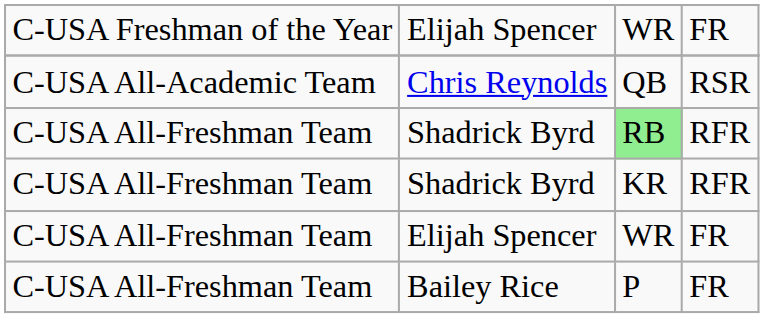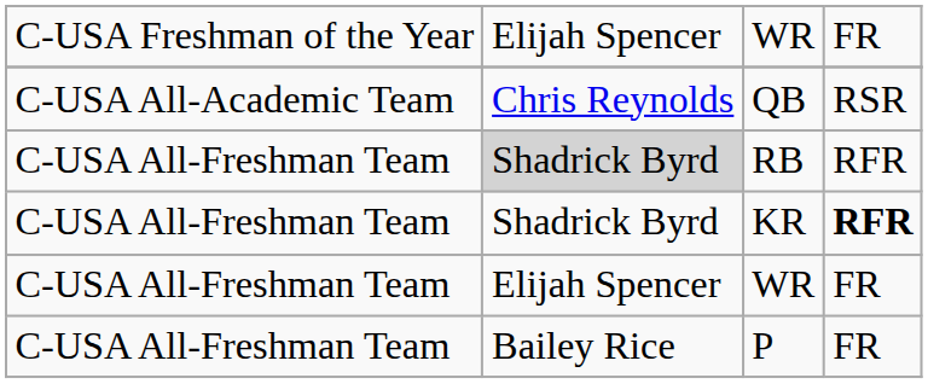 <table class="wikitable">
 <tr>
 <td>C-USA Freshman of the Year</td>
 <td>Elijah Spencer</td>
 <td>WR</td>
 <td>FR</td>
 </tr>
 <tr>
 </tr>
 <tr>
 <td>C-USA All-Academic Team</td>
 <td><a href='#'>Chris Reynolds</a></td>
 <td>QB</td>
 <td>RSR</td>
 </tr>
 <tr>
 <td>C-USA All-Freshman Team</td>
-<td>Shadrick Byrd</td>
-<td style="background: lightgreen;">RB</td>
+<td style="background: lightgrey;">Shadrick Byrd</td>
+<td>RB</td>
 <td>RFR</td>
 </tr>
 <tr>
 <td>C-USA All-Freshman Team</td>
 <td>Shadrick Byrd</td>
 <td>KR</td>
-<td>RFR</td>
+<td><strong>RFR</strong></td>
 </tr>
 <tr>
 <td>C-USA All-Freshman Team</td>
 <td>Elijah Spencer</td>
 <td>WR</td>
 <td>FR</td>
 </tr>
 <tr>
 <td>C-USA All-Freshman Team</td>
 <td>Bailey Rice</td>
 <td>P</td>
 <td>FR</td>
 </tr>
 </table>
